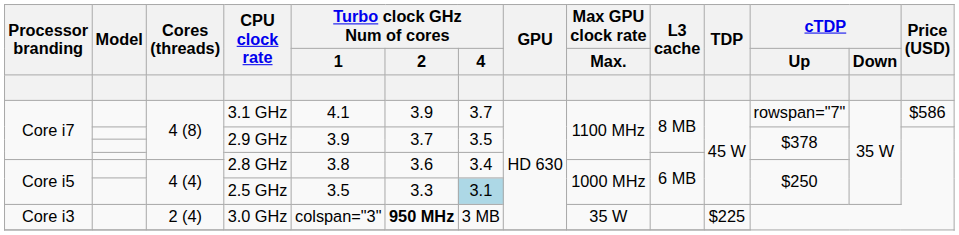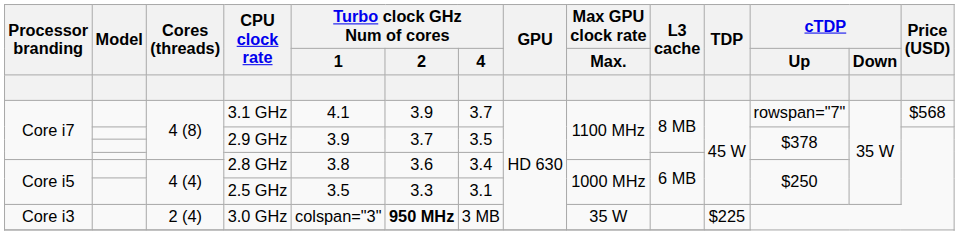 <table class="wikitable sortable hover-highlight" style="text-align: center;">
 <tr>
 <th rowspan="2">Processor<br>branding</th>
 <th rowspan="2">Model</th>
 <th rowspan="2">Cores<br>(threads)</th>
 <th rowspan="2">CPU<br><a href='#'>clock<br>rate</a></th>
 <th colspan="3"><a href='#'>Turbo</a> clock GHz<br>Num of cores</th>
 <th rowspan="2">GPU</th>
 <th>Max GPU<br>clock rate</th>
 <th rowspan="2">L3<br>cache</th>
 <th rowspan="2">TDP</th>
 <th colspan="2"><a href='#'>cTDP</a></th>
 <th rowspan="2">Price<br>(USD)</th>
 </tr>
 <tr>
 <th>1</th>
 <th>2</th>
 <th>4</th>
 <th>Max.</th>
 <th>Up</th>
 <th>Down</th>
 </tr>
 <tr>
 <th style="background-position:center"><br></th>
 <th style="background-position:center"></th>
 <th style="background-position:center"></th>
 <th style="background-position:center"></th>
 <th style="background-position:center"></th>
 <th style="background-position:center"></th>
 <th style="background-position:center"></th>
 <th style="background-position:center"></th>
 <th style="background-position:center"></th>
 <th style="background-position:center"></th>
 <th style="background-position:center"></th>
 <th style="background-position:center"></th>
 <th style="background-position:center"></th>
 <th style="background-position:center"></th>
 </tr>
 <tr>
 <td rowspan="4">Core i7</td>
 <td></td>
 <td rowspan="4">4 (8)</td>
 <td>3.1 GHz</td>
 <td>4.1</td>
 <td>3.9</td>
 <td>3.7</td>
 <td rowspan="7">HD 630</td>
 <td rowspan="4">1100 MHz</td>
 <td rowspan="3">8 MB</td>
 <td rowspan="6">45 W</td>
 <td>rowspan="7" </td>
 <td rowspan="6">35 W</td>
-<td>$586</td>
+<td>$568</td>
 </tr>
 <tr>
 <td></td>
 <td rowspan="2">2.9 GHz</td>
 <td rowspan="2">3.9</td>
 <td rowspan="2">3.7</td>
 <td rowspan="2">3.5</td>
 <td rowspan="3">$378</td>
 </tr>
 <tr>
 <td></td>
 </tr>
 <tr>
 <td></td>
 <td rowspan="2">2.8 GHz</td>
 <td rowspan="2">3.8</td>
 <td rowspan="2">3.6</td>
 <td rowspan="2">3.4</td>
 <td rowspan="3">6 MB</td>
 </tr>
 <tr>
 <td rowspan="2">Core i5</td>
 <td></td>
 <td rowspan="2">4 (4)</td>
 <td rowspan="2">1000 MHz</td>
 <td rowspan="2">$250</td>
 </tr>
 <tr>
 <td></td>
 <td>2.5 GHz</td>
 <td>3.5</td>
 <td>3.3</td>
-<td style="background: lightblue;">3.1</td>
+<td>3.1</td>
 </tr>
 <tr>
 <td>Core i3</td>
 <td></td>
 <td>2 (4)</td>
 <td>3.0 GHz</td>
 <td>colspan="3" </td>
 <td><strong>950 MHz</strong></td>
 <td>3 MB</td>
 <td>35 W</td>
 <td></td>
 <td>$225</td>
 </tr>
 <tr>
 </tr>
 </table>
